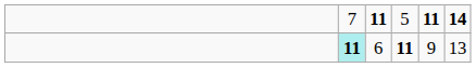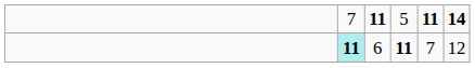 <table class="wikitable">
 <tr>
 <td style="width:18em"><strong></strong></td>
 <td align=center style="width:1em">7</td>
 <td align=center style="width:1em"><strong>11</strong></td>
 <td align=center style="width:1em">5</td>
 <td align=center style="width:1em"><strong>11</strong></td>
 <td align=center style="width:1em"><strong>14</strong></td>
 </tr>
 <tr>
 <td style="width:18em"></td>
 <td align=center style="background: paleturquoise; width:1em"><strong>11</strong></td>
 <td align=center style="width:1em">6</td>
 <td align=center style="width:1em"><strong>11</strong></td>
-<td align=center style="width:1em">9</td>
-<td align=center style="width:1em">13</td>
+<td align=center style="width:1em">7</td>
+<td align=center style="width:1em">12</td>
 </tr>
 </table>
